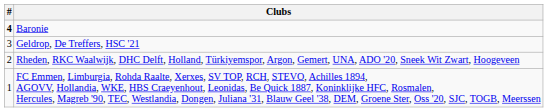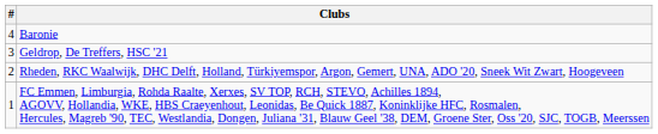 <table class="wikitable">
 <tr>
 <th>#</th>
 <th>Clubs</th>
 </tr>
 <tr>
-<td><strong>4</strong></td>
+<td>4</td>
 <td><a href='#'>Baronie</a></td>
 </tr>
 <tr>
 <td>3</td>
 <td><a href='#'>Geldrop</a>, <a href='#'>De Treffers</a>, <a href='#'>HSC '21</a></td>
 </tr>
 <tr>
 <td>2</td>
 <td><a href='#'>Rheden</a>, <a href='#'>RKC Waalwijk</a>, <a href='#'>DHC Delft</a>, <a href='#'>Holland</a>, <a href='#'>Türkiyemspor</a>, <a href='#'>Argon</a>, <a href='#'>Gemert</a>, <a href='#'>UNA</a>, <a href='#'>ADO '20</a>, <a href='#'>Sneek Wit Zwart</a>, <a href='#'>Hoogeveen</a></td>
 </tr>
 <tr>
 <td>1</td>
 <td><a href='#'>FC Emmen</a>, <a href='#'>Limburgia</a>, <a href='#'>Rohda Raalte</a>, <a href='#'>Xerxes</a>, <a href='#'>SV TOP</a>, <a href='#'>RCH</a>, <a href='#'>STEVO</a>, <a href='#'>Achilles 1894</a>,<br><a href='#'>AGOVV</a>, <a href='#'>Hollandia</a>, <a href='#'>WKE</a>, <a href='#'>HBS Craeyenhout</a>, <a href='#'>Leonidas</a>, <a href='#'>Be Quick 1887</a>, <a href='#'>Koninklijke HFC</a>, <a href='#'>Rosmalen</a>,<br><a href='#'>Hercules</a>, <a href='#'>Magreb '90</a>, <a href='#'>TEC</a>, <a href='#'>Westlandia</a>, <a href='#'>Dongen</a>, <a href='#'>Juliana '31</a>, <a href='#'>Blauw Geel '38</a>, <a href='#'>DEM</a>, <a href='#'>Groene Ster</a>, <a href='#'>Oss '20</a>, <a href='#'>SJC</a>, <a href='#'>TOGB</a>, <a href='#'>Meerssen</a></td>
 </tr>
 </table>
